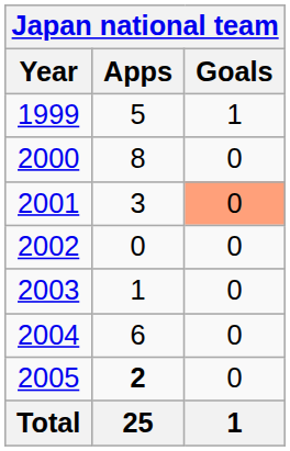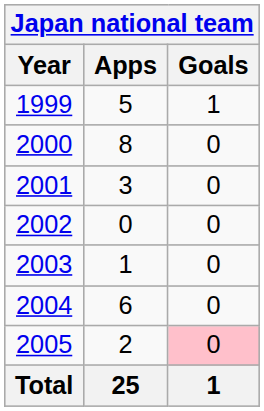 <table class="wikitable" style="text-align:center">
 <tr>
 <th colspan=3><a href='#'>Japan national team</a></th>
 </tr>
 <tr>
 <th>Year</th>
 <th>Apps</th>
 <th>Goals</th>
 </tr>
 <tr>
 <td><a href='#'>1999</a></td>
 <td>5</td>
 <td>1</td>
 </tr>
 <tr>
 <td><a href='#'>2000</a></td>
 <td>8</td>
 <td>0</td>
 </tr>
 <tr>
 <td><a href='#'>2001</a></td>
 <td>3</td>
-<td style="background: lightsalmon;">0</td>
+<td>0</td>
 </tr>
 <tr>
 <td><a href='#'>2002</a></td>
 <td>0</td>
 <td>0</td>
 </tr>
 <tr>
 <td><a href='#'>2003</a></td>
 <td>1</td>
 <td>0</td>
 </tr>
 <tr>
 <td><a href='#'>2004</a></td>
 <td>6</td>
 <td>0</td>
 </tr>
 <tr>
 <td><a href='#'>2005</a></td>
-<td><strong>2</strong></td>
-<td>0</td>
+<td>2</td>
+<td style="background: pink;">0</td>
 </tr>
 <tr>
 <th>Total</th>
 <th>25</th>
 <th>1</th>
 </tr>
 </table>
